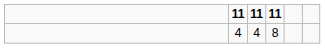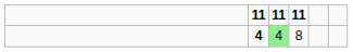 <table class="wikitable">
 <tr>
 <td style="width:18em"><strong></strong></td>
 <td align=center style="width:1em"><strong>11</strong></td>
 <td align=center style="width:1em"><strong>11</strong></td>
 <td align=center style="width:1em"><strong>11</strong></td>
 <td align=center style="width:1em"></td>
 <td align=center style="width:1em"></td>
 </tr>
 <tr>
 <td style="width:18em"></td>
-<td align=center style="width:1em">4</td>
-<td align=center style="width:1em">4</td>
+<td align=center style="width:1em"><strong>4</strong></td>
+<td align=center style="background: lightgreen; width:1em">4</td>
 <td align=center style="width:1em">8</td>
 <td align=center style="width:1em"></td>
 <td align=center style="width:1em"></td>
 </tr>
 </table>
